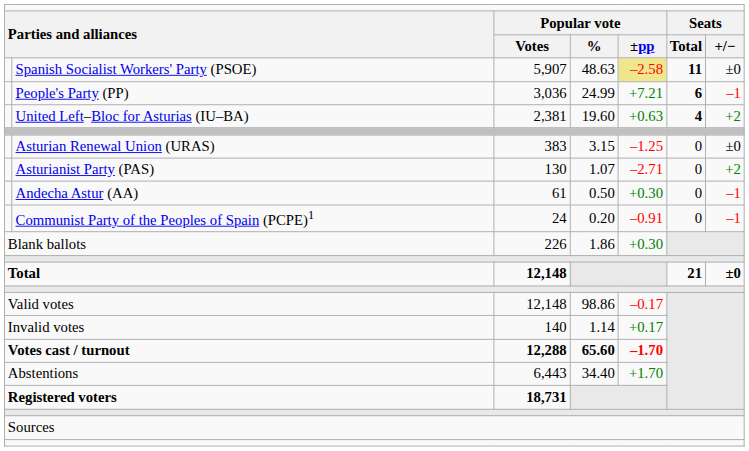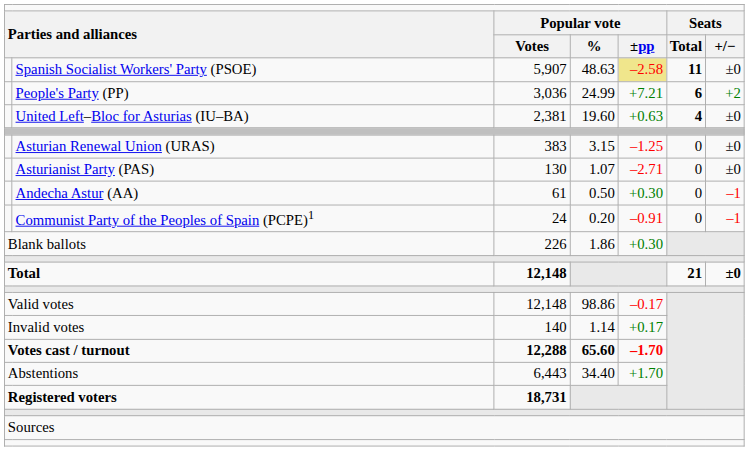 <table class="wikitable" style="text-align:right;">
 <tr>
 <td colspan="7"></td>
 </tr>
 <tr>
 <th style="text-align:left;" rowspan="2" colspan="2" width="525">Parties and alliances</th>
 <th colspan="3">Popular vote</th>
 <th colspan="2">Seats</th>
 </tr>
 <tr>
 <th width="75">Votes</th>
 <th width="45">%</th>
 <th width="45">±<a href='#'>pp</a></th>
 <th width="35">Total</th>
 <th width="35">+/−</th>
 </tr>
 <tr>
 <td width="1" style="color:inherit;background:"></td>
 <td align="left"><a href='#'>Spanish Socialist Workers' Party</a> (PSOE)</td>
 <td>5,907</td>
 <td>48.63</td>
 <td style="background: khaki; color:red;">–2.58</td>
 <td><strong>11</strong></td>
 <td>±0</td>
 </tr>
 <tr>
 <td style="color:inherit;background:"></td>
 <td align="left"><a href='#'>People's Party</a> (PP)</td>
 <td>3,036</td>
 <td>24.99</td>
 <td style="color:green;">+7.21</td>
 <td><strong>6</strong></td>
-<td style="color:red;">–1</td>
+<td style="color:green;">+2</td>
 </tr>
 <tr>
 <td style="color:inherit;background:"></td>
 <td align="left"><a href='#'>United Left</a>–<a href='#'>Bloc for Asturias</a> (IU–BA)</td>
 <td>2,381</td>
 <td>19.60</td>
 <td style="color:green;">+0.63</td>
 <td><strong>4</strong></td>
-<td style="color:green;">+2</td>
+<td>±0</td>
 </tr>
 <tr>
 <td colspan="7" bgcolor="#C0C0C0"></td>
 </tr>
 <tr>
 <td style="color:inherit;background:"></td>
 <td align="left"><a href='#'>Asturian Renewal Union</a> (URAS)</td>
 <td>383</td>
 <td>3.15</td>
 <td style="color:red;">–1.25</td>
 <td>0</td>
 <td>±0</td>
 </tr>
 <tr>
 <td style="color:inherit;background:"></td>
 <td align="left"><a href='#'>Asturianist Party</a> (PAS)</td>
 <td>130</td>
 <td>1.07</td>
 <td style="color:red;">–2.71</td>
 <td>0</td>
-<td style="color:green;">+2</td>
+<td>±0</td>
 </tr>
 <tr>
 <td style="color:inherit;background:"></td>
 <td align="left"><a href='#'>Andecha Astur</a> (AA)</td>
 <td>61</td>
 <td>0.50</td>
 <td style="color:green;">+0.30</td>
 <td>0</td>
 <td style="color:red;">–1</td>
 </tr>
 <tr>
 <td style="color:inherit;background:"></td>
 <td align="left"><a href='#'>Communist Party of the Peoples of Spain</a> (PCPE)<sup>1</sup></td>
 <td>24</td>
 <td>0.20</td>
 <td style="color:red;">–0.91</td>
 <td>0</td>
 <td style="color:red;">–1</td>
 </tr>
 <tr>
 <td align="left" colspan="2">Blank ballots</td>
 <td>226</td>
 <td>1.86</td>
 <td style="color:green;">+0.30</td>
 <td bgcolor="#E9E9E9" colspan="2"></td>
 </tr>
 <tr>
 <td colspan="7" bgcolor="#E9E9E9"></td>
 </tr>
 <tr style="font-weight:bold;">
 <td align="left" colspan="2">Total</td>
 <td>12,148</td>
 <td bgcolor="#E9E9E9" colspan="2"></td>
 <td>21</td>
 <td>±0</td>
 </tr>
 <tr>
 <td colspan="7" bgcolor="#E9E9E9"></td>
 </tr>
 <tr>
 <td align="left" colspan="2">Valid votes</td>
 <td>12,148</td>
 <td>98.86</td>
 <td style="color:red;">–0.17</td>
 <td bgcolor="#E9E9E9" colspan="2" rowspan="5"></td>
 </tr>
 <tr>
 <td align="left" colspan="2">Invalid votes</td>
 <td>140</td>
 <td>1.14</td>
 <td style="color:green;">+0.17</td>
 </tr>
 <tr style="font-weight:bold;">
 <td align="left" colspan="2">Votes cast / turnout</td>
 <td>12,288</td>
 <td>65.60</td>
 <td style="color:red;">–1.70</td>
 </tr>
 <tr>
 <td align="left" colspan="2">Abstentions</td>
 <td>6,443</td>
 <td>34.40</td>
 <td style="color:green;">+1.70</td>
 </tr>
 <tr style="font-weight:bold;">
 <td align="left" colspan="2">Registered voters</td>
 <td>18,731</td>
 <td bgcolor="#E9E9E9" colspan="2"></td>
 </tr>
 <tr>
 <td colspan="7" bgcolor="#E9E9E9"></td>
 </tr>
 <tr>
 <td align="left" colspan="7">Sources</td>
 </tr>
 <tr>
 <td colspan="7" style="text-align:left; max-width:790px;"></td>
 </tr>
 </table>
